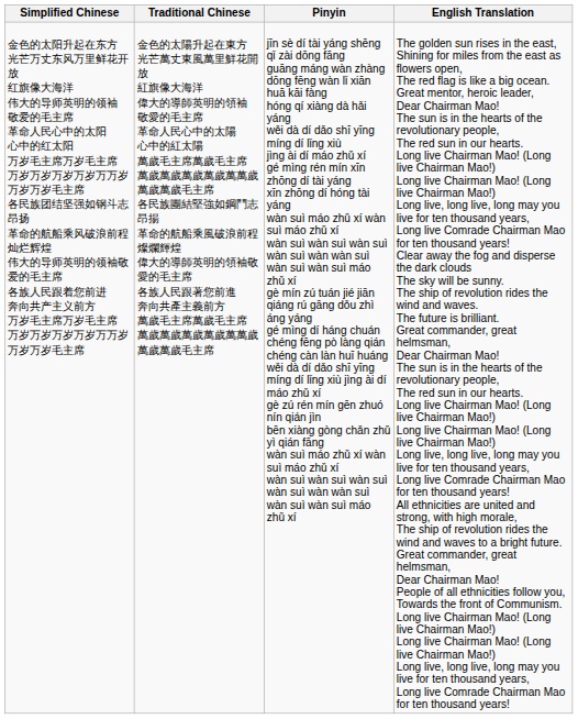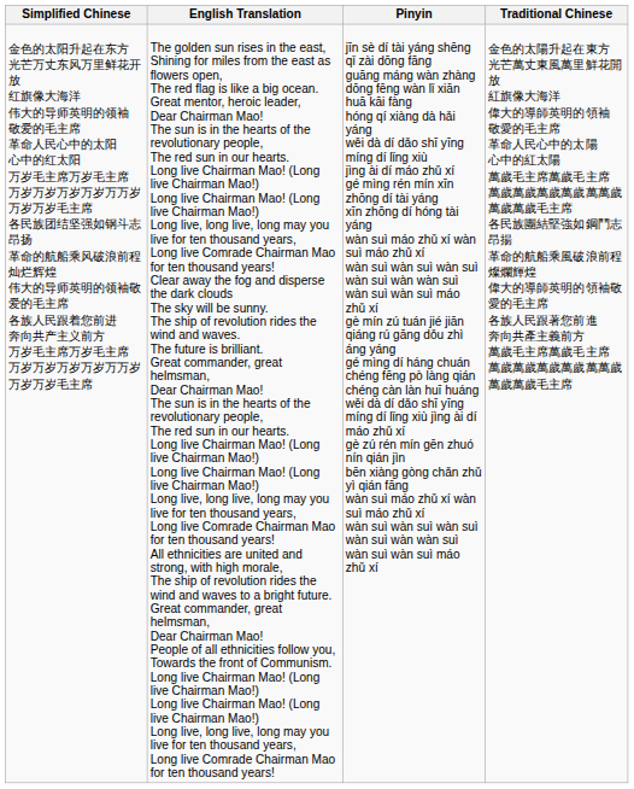 <table class="wikitable">
 <tr>
 <th width="180">Simplified Chinese</th>
+<th width="250">English Translation</th>
+<th width="180">Pinyin</th>
 <th width="180">Traditional Chinese</th>
-<th width="180">Pinyin</th>
-<th width="250">English Translation</th>
 </tr>
 <tr valign="top">
 <td><br>金色的太阳升起在东方<br> 光芒万丈东风万里鲜花开放<br> 红旗像大海洋<br> 伟大的导师英明的领袖<br> 敬爱的毛主席<br> 革命人民心中的太阳<br> 心中的红太阳<br> 万岁毛主席万岁毛主席<br> 万岁万岁万岁万岁万万岁<br> 万岁万岁毛主席<br> 各民族团结坚强如钢斗志昂扬<br> 革命的航船乘风破浪前程灿烂辉煌<br> 伟大的导师英明的领袖敬爱的毛主席<br> 各族人民跟着您前进<br> 奔向共产主义前方<br> 万岁毛主席万岁毛主席<br> 万岁万岁万岁万岁万万岁<br> 万岁万岁毛主席<br></td>
+<td><br>The golden sun rises in the east,<br> Shining for miles from the east as flowers open,<br> The red flag is like a big ocean.<br> Great mentor, heroic leader,<br> Dear Chairman Mao!<br> The sun is in the hearts of the revolutionary people,<br> The red sun in our hearts.<br> Long live Chairman Mao! (Long live Chairman Mao!)<br> Long live Chairman Mao! (Long live Chairman Mao!)<br> Long live, long live, long may you live for ten thousand years,<br> Long live Comrade Chairman Mao for ten thousand years!<br>Clear away the fog and disperse the dark clouds<br> The sky will be sunny.<br> The ship of revolution rides the wind and waves.<br> The future is brilliant.<br> Great commander, great helmsman,<br> Dear Chairman Mao!<br> The sun is in the hearts of the revolutionary people,<br> The red sun in our hearts.<br> Long live Chairman Mao! (Long live Chairman Mao!)<br> Long live Chairman Mao! (Long live Chairman Mao!)<br> Long live, long live, long may you live for ten thousand years,<br> Long live Comrade Chairman Mao for ten thousand years!<br>All ethnicities are united and strong, with high morale,<br> The ship of revolution rides the wind and waves to a bright future.<br> Great commander, great helmsman,<br> Dear Chairman Mao!<br> People of all ethnicities follow you,<br> Towards the front of Communism.<br> Long live Chairman Mao! (Long live Chairman Mao!)<br> Long live Chairman Mao! (Long live Chairman Mao!)<br> Long live, long live, long may you live for ten thousand years,<br> Long live Comrade Chairman Mao for ten thousand years!</td>
+<td><br>jīn sè dí tài yáng shēng qǐ zài dōng fāng <br> guāng máng wàn zhàng dōng fēng wàn lǐ xiān huā kāi fàng<br> hóng qí xiàng dà hǎi yáng <br> wěi dà dí dǎo shī yīng míng dí lǐng xiù <br> jìng ài dí máo zhǔ xí <br> gé mìng rén mín xīn zhōng dí tài yáng <br> xīn zhōng dí hóng tài yáng <br> wàn suì máo zhǔ xí wàn suì máo zhǔ xí <br> wàn suì wàn suì wàn suì wàn suì wàn wàn suì <br> wàn suì wàn suì máo zhǔ xí <br> gè mín zú tuán jié jiān qiáng rú gāng dǒu zhì áng yáng <br> gé mìng dí háng chuán chéng fēng pò làng qián chéng càn làn huī huáng <br> wěi dà dí dǎo shī yīng míng dí lǐng xiù jìng ài dí máo zhǔ xí<br> gè zú rén mín gēn zhuó nín qián jìn <br> bēn xiàng gòng chǎn zhǔ yì qián fāng <br> wàn suì máo zhǔ xí wàn suì máo zhǔ xí <br> wàn suì wàn suì wàn suì wàn suì wàn wàn suì <br> wàn suì wàn suì máo zhǔ xí<br></td>
 <td><br>金色的太陽升起在東方<br> 光芒萬丈東風萬里鮮花開放<br> 紅旗像大海洋<br> 偉大的導師英明的領袖<br> 敬愛的毛主席<br> 革命人民心中的太陽<br> 心中的紅太陽<br> 萬歲毛主席萬歲毛主席<br> 萬歲萬歲萬歲萬歲萬萬歲<br> 萬歲萬歲毛主席<br> 各民族團結堅強如鋼鬥志昂揚<br> 革命的航船乘風破浪前程燦爛輝煌<br> 偉大的導師英明的領袖敬愛的毛主席<br> 各族人民跟著您前進<br> 奔向共產主義前方<br> 萬歲毛主席萬歲毛主席<br> 萬歲萬歲萬歲萬歲萬萬歲<br> 萬歲萬歲毛主席<br></td>
-<td><br>jīn sè dí tài yáng shēng qǐ zài dōng fāng <br> guāng máng wàn zhàng dōng fēng wàn lǐ xiān huā kāi fàng<br> hóng qí xiàng dà hǎi yáng <br> wěi dà dí dǎo shī yīng míng dí lǐng xiù <br> jìng ài dí máo zhǔ xí <br> gé mìng rén mín xīn zhōng dí tài yáng <br> xīn zhōng dí hóng tài yáng <br> wàn suì máo zhǔ xí wàn suì máo zhǔ xí <br> wàn suì wàn suì wàn suì wàn suì wàn wàn suì <br> wàn suì wàn suì máo zhǔ xí <br> gè mín zú tuán jié jiān qiáng rú gāng dǒu zhì áng yáng <br> gé mìng dí háng chuán chéng fēng pò làng qián chéng càn làn huī huáng <br> wěi dà dí dǎo shī yīng míng dí lǐng xiù jìng ài dí máo zhǔ xí<br> gè zú rén mín gēn zhuó nín qián jìn <br> bēn xiàng gòng chǎn zhǔ yì qián fāng <br> wàn suì máo zhǔ xí wàn suì máo zhǔ xí <br> wàn suì wàn suì wàn suì wàn suì wàn wàn suì <br> wàn suì wàn suì máo zhǔ xí<br></td>
-<td><br>The golden sun rises in the east,<br> Shining for miles from the east as flowers open,<br> The red flag is like a big ocean.<br> Great mentor, heroic leader,<br> Dear Chairman Mao!<br> The sun is in the hearts of the revolutionary people,<br> The red sun in our hearts.<br> Long live Chairman Mao! (Long live Chairman Mao!)<br> Long live Chairman Mao! (Long live Chairman Mao!)<br> Long live, long live, long may you live for ten thousand years,<br> Long live Comrade Chairman Mao for ten thousand years!<br>Clear away the fog and disperse the dark clouds<br> The sky will be sunny.<br> The ship of revolution rides the wind and waves.<br> The future is brilliant.<br> Great commander, great helmsman,<br> Dear Chairman Mao!<br> The sun is in the hearts of the revolutionary people,<br> The red sun in our hearts.<br> Long live Chairman Mao! (Long live Chairman Mao!)<br> Long live Chairman Mao! (Long live Chairman Mao!)<br> Long live, long live, long may you live for ten thousand years,<br> Long live Comrade Chairman Mao for ten thousand years!<br>All ethnicities are united and strong, with high morale,<br> The ship of revolution rides the wind and waves to a bright future.<br> Great commander, great helmsman,<br> Dear Chairman Mao!<br> People of all ethnicities follow you,<br> Towards the front of Communism.<br> Long live Chairman Mao! (Long live Chairman Mao!)<br> Long live Chairman Mao! (Long live Chairman Mao!)<br> Long live, long live, long may you live for ten thousand years,<br> Long live Comrade Chairman Mao for ten thousand years!</td>
 </tr>
 </table>
